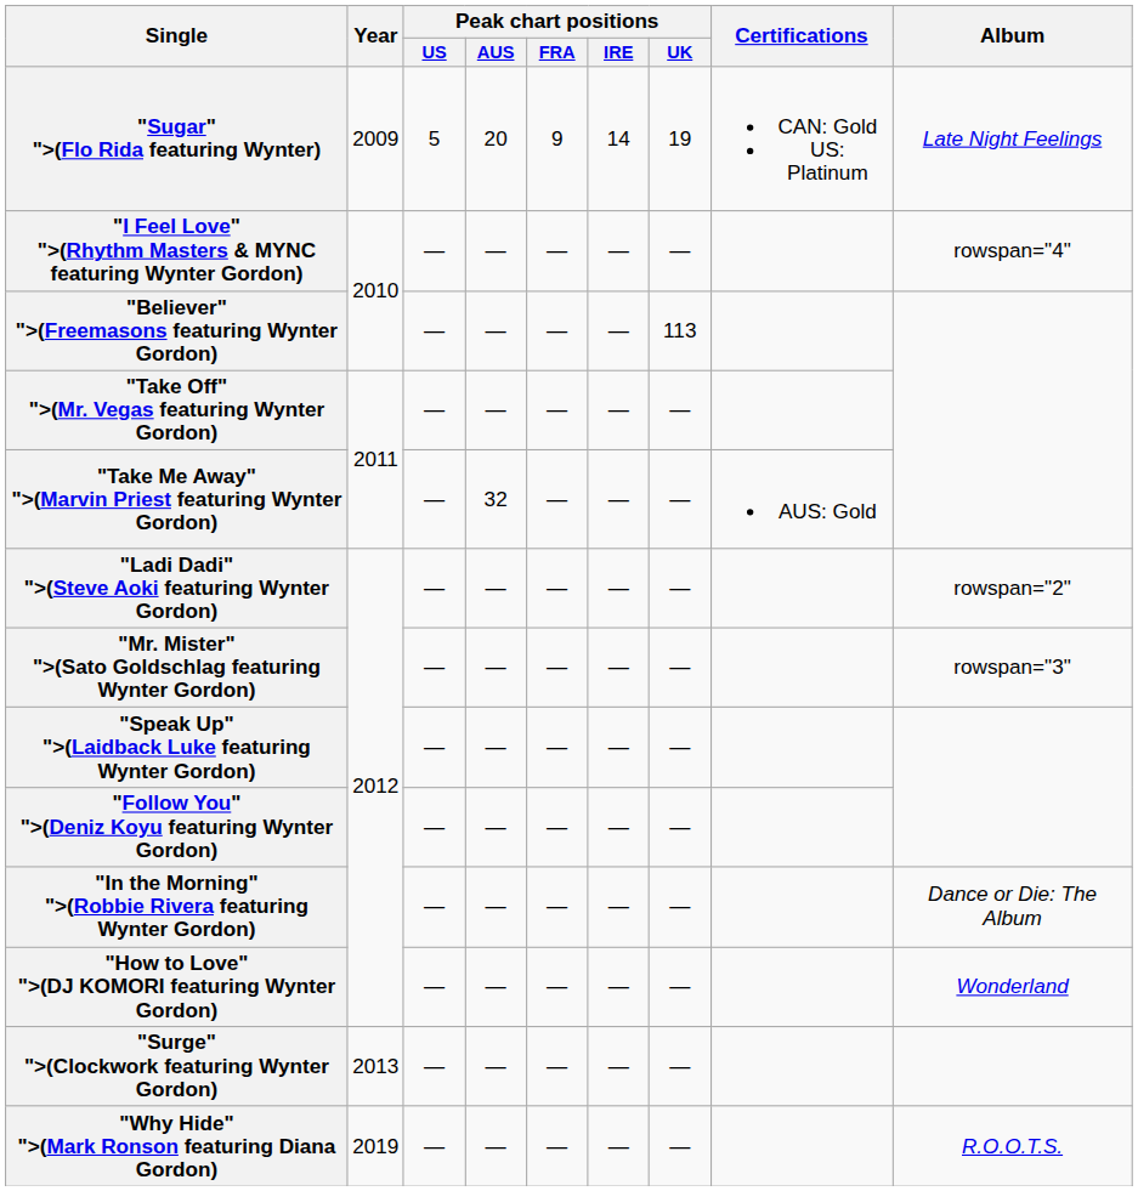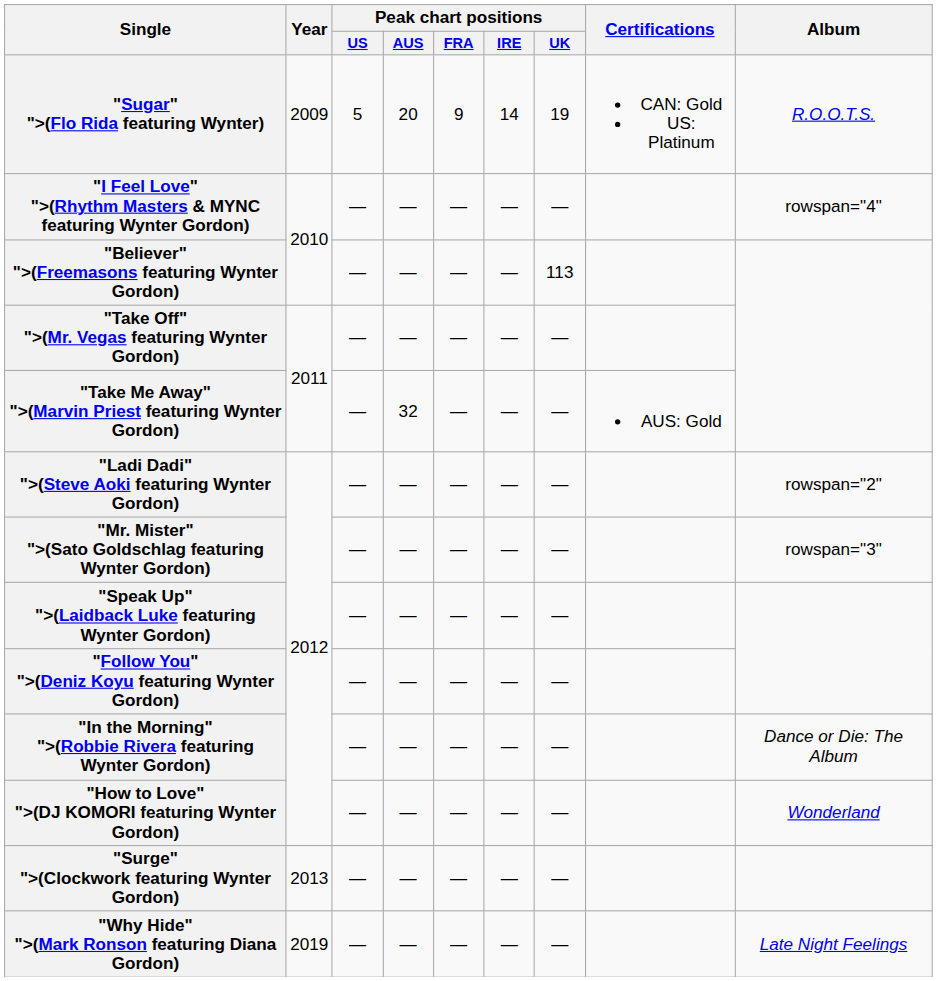 <table class="wikitable plainrowheaders" style="text-align:center;" border="1">
 <tr>
 <th scope="colw" rowspan="2" style="width:16em;">Single</th>
 <th scope="col" rowspan="2">Year</th>
 <th scope="col" colspan="5">Peak chart positions</th>
 <th scope="col" rowspan="2"><a href='#'>Certifications</a></th>
 <th scope="col" rowspan="2">Album</th>
 </tr>
 <tr>
 <th scope="col" style="width:3em;font-size:85%;"><a href='#'>US</a><br></th>
 <th scope="col" style="width:3em;font-size:85%;"><a href='#'>AUS</a><br></th>
 <th scope="col" style="width:3em;font-size:85%;"><a href='#'>FRA</a><br></th>
 <th scope="col" style="width:3em;font-size:85%;"><a href='#'>IRE</a><br></th>
 <th scope="col" style="width:3em;font-size:85%;"><a href='#'>UK</a><br></th>
 </tr>
 <tr>
 <th scope="row">"<a href='#'>Sugar</a>"<br><span>">(<a href='#'>Flo Rida</a> featuring Wynter)</span></th>
 <td>2009</td>
 <td>5</td>
 <td>20</td>
 <td>9</td>
 <td>14</td>
 <td>19</td>
 <td><br><ul><li>CAN: Gold</li><li>US: Platinum</li></ul></td>
-<td><em><a href='#'>Late Night Feelings</a></em></td>
+<td><em><a href='#'>R.O.O.T.S.</a></em></td>
 </tr>
 <tr>
 <th scope="row">"<a href='#'>I Feel Love</a>"<br><span>">(<a href='#'>Rhythm Masters</a> & MYNC featuring Wynter Gordon)</span></th>
 <td rowspan="2">2010</td>
 <td>—</td>
 <td>—</td>
 <td>—</td>
 <td>—</td>
 <td>—</td>
 <td></td>
 <td>rowspan="4" </td>
 </tr>
 <tr>
 <th scope="row">"Believer"<br><span>">(<a href='#'>Freemasons</a> featuring Wynter Gordon)</span></th>
 <td>—</td>
 <td>—</td>
 <td>—</td>
 <td>—</td>
 <td>113</td>
 <td></td>
 </tr>
 <tr>
 <th scope="row">"Take Off"<br><span>">(<a href='#'>Mr. Vegas</a> featuring Wynter Gordon)</span></th>
 <td rowspan="2">2011</td>
 <td>—</td>
 <td>—</td>
 <td>—</td>
 <td>—</td>
 <td>—</td>
 <td></td>
 </tr>
 <tr>
 <th scope="row">"Take Me Away"<br><span>">(<a href='#'>Marvin Priest</a> featuring Wynter Gordon)</span></th>
 <td>—</td>
 <td>32</td>
 <td>—</td>
 <td>—</td>
 <td>—</td>
 <td><br><ul><li>AUS: Gold</li></ul></td>
 </tr>
 <tr>
 <th scope="row">"Ladi Dadi"<br><span>">(<a href='#'>Steve Aoki</a> featuring Wynter Gordon)</span></th>
 <td rowspan="6">2012</td>
 <td>—</td>
 <td>—</td>
 <td>—</td>
 <td>—</td>
 <td>—</td>
 <td></td>
 <td>rowspan="2" </td>
 </tr>
 <tr>
 <th scope="row">"Mr. Mister"<br><span>">(Sato Goldschlag featuring Wynter Gordon)</span></th>
 <td>—</td>
 <td>—</td>
 <td>—</td>
 <td>—</td>
 <td>—</td>
 <td></td>
 <td>rowspan="3" </td>
 </tr>
 <tr>
 <th scope="row">"Speak Up"<br><span>">(<a href='#'>Laidback Luke</a> featuring Wynter Gordon)</span></th>
 <td>—</td>
 <td>—</td>
 <td>—</td>
 <td>—</td>
 <td>—</td>
 <td></td>
 </tr>
 <tr>
 <th scope="row">"<a href='#'>Follow You</a>"<br><span>">(<a href='#'>Deniz Koyu</a> featuring Wynter Gordon)</span></th>
 <td>—</td>
 <td>—</td>
 <td>—</td>
 <td>—</td>
 <td>—</td>
 <td></td>
 </tr>
 <tr>
 <th scope="row">"In the Morning"<br><span>">(<a href='#'>Robbie Rivera</a> featuring Wynter Gordon)</span></th>
 <td>—</td>
 <td>—</td>
 <td>—</td>
 <td>—</td>
 <td>—</td>
 <td></td>
 <td><em>Dance or Die: The Album</em></td>
 </tr>
 <tr>
 <th scope="row">"How to Love"<br><span>">(DJ KOMORI featuring Wynter Gordon)</span></th>
 <td>—</td>
 <td>—</td>
 <td>—</td>
 <td>—</td>
 <td>—</td>
 <td></td>
 <td><em><a href='#'>Wonderland</a></em></td>
 </tr>
 <tr>
 <th scope="row">"Surge"<br><span>">(Clockwork featuring Wynter Gordon)</span></th>
 <td>2013</td>
 <td>—</td>
 <td>—</td>
 <td>—</td>
 <td>—</td>
 <td>—</td>
 <td></td>
 </tr>
 <tr>
 <th scope="row">"Why Hide"<br><span>">(<a href='#'>Mark Ronson</a> featuring Diana Gordon)</span></th>
 <td>2019</td>
 <td>—</td>
 <td>—</td>
 <td>—</td>
 <td>—</td>
 <td>—</td>
 <td></td>
-<td><em><a href='#'>R.O.O.T.S.</a></em></td>
+<td><em><a href='#'>Late Night Feelings</a></em></td>
 </tr>
 </table>
